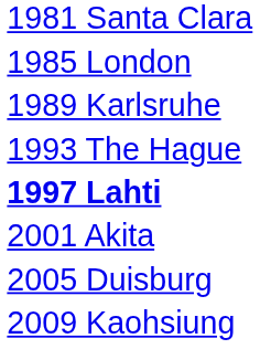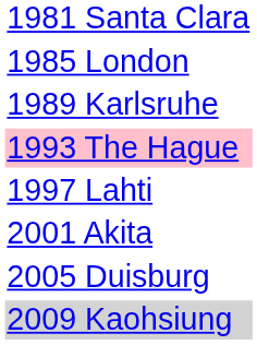 <table>
 <tr>
 <td><a href='#'>1981 Santa Clara</a></td>
 <td></td>
 <td></td>
 <td><br></td>
 </tr>
 <tr>
 <td><a href='#'>1985 London</a></td>
 <td></td>
 <td></td>
 <td></td>
 </tr>
 <tr>
 <td><a href='#'>1989 Karlsruhe</a></td>
 <td></td>
 <td></td>
 <td><br></td>
 </tr>
 <tr>
-<td><a href='#'>1993 The Hague</a></td>
+<td style="background: pink;"><a href='#'>1993 The Hague</a></td>
 <td></td>
 <td></td>
 <td><br></td>
 </tr>
 <tr>
-<td><strong><a href='#'>1997 Lahti</a></strong></td>
+<td><a href='#'>1997 Lahti</a></td>
 <td></td>
 <td></td>
 <td><br></td>
 </tr>
 <tr>
 <td><a href='#'>2001 Akita</a></td>
 <td></td>
 <td></td>
 <td></td>
 </tr>
 <tr>
 <td><a href='#'>2005 Duisburg</a></td>
 <td></td>
 <td></td>
 <td></td>
 </tr>
 <tr>
-<td><a href='#'>2009 Kaohsiung</a></td>
+<td style="background: lightgrey;"><a href='#'>2009 Kaohsiung</a></td>
 <td></td>
 <td></td>
 <td></td>
 </tr>
 </table>
